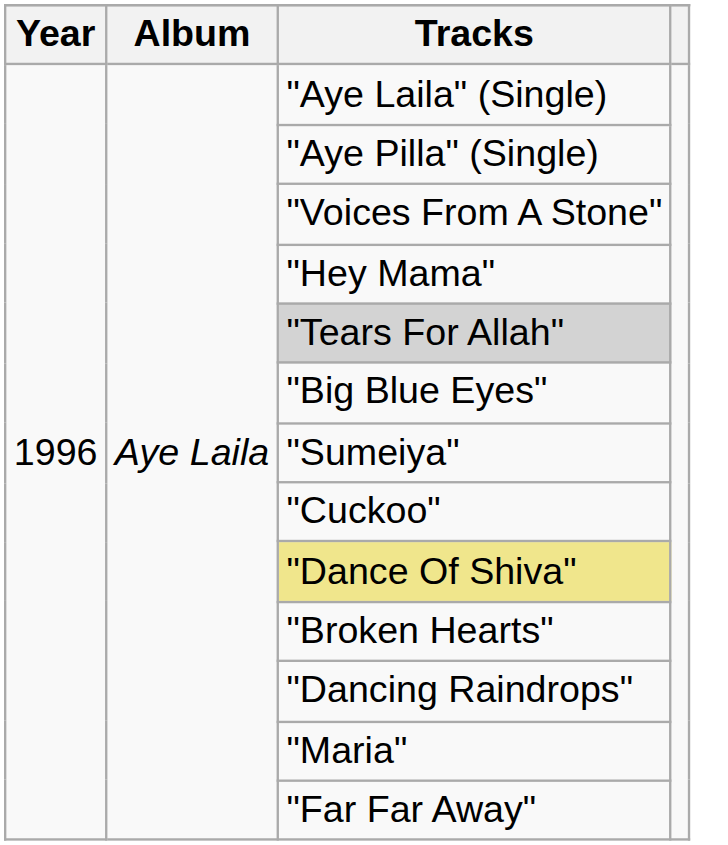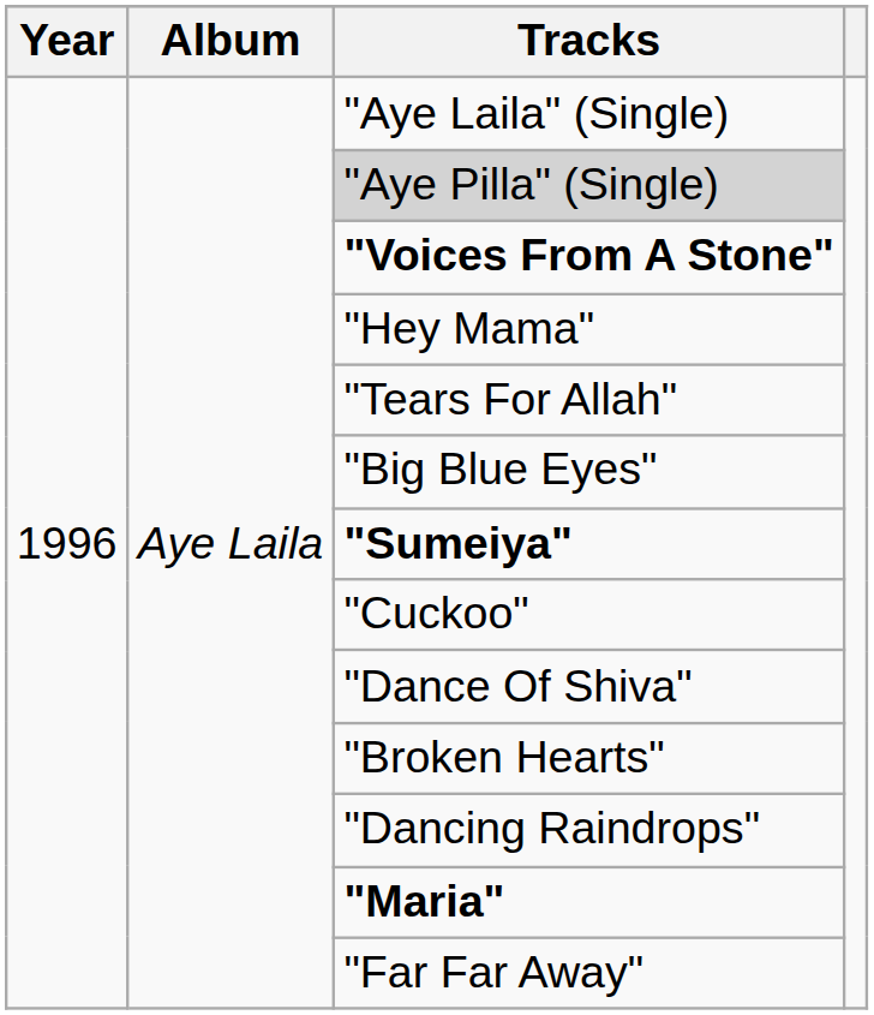 <table class="wikitable sortable">
 <tr style="background:#ccc; text-align:center;">
 </tr>
 <tr>
 <th>Year</th>
 <th>Album</th>
 <th>Tracks</th>
 <th class="unsortable"></th>
 </tr>
 <tr>
 <td rowspan="13">1996</td>
 <td rowspan="13"><em>Aye Laila</em></td>
 <td>"Aye Laila" (Single)</td>
 <td rowspan="13"></td>
 </tr>
 <tr>
-<td>"Aye Pilla" (Single)</td>
+<td style="background: lightgrey;">"Aye Pilla" (Single)</td>
 </tr>
 <tr>
-<td>"Voices From A Stone"</td>
+<td><strong>"Voices From A Stone"</strong></td>
 </tr>
 <tr>
 <td>"Hey Mama"</td>
 </tr>
 <tr>
-<td style="background: lightgrey;">"Tears For Allah"</td>
+<td>"Tears For Allah"</td>
 </tr>
 <tr>
 <td>"Big Blue Eyes"</td>
 </tr>
 <tr>
-<td>"Sumeiya"</td>
+<td><strong>"Sumeiya"</strong></td>
 </tr>
 <tr>
 <td>"Cuckoo"</td>
 </tr>
 <tr>
-<td style="background: khaki;">"Dance Of Shiva"</td>
+<td>"Dance Of Shiva"</td>
 </tr>
 <tr>
 <td>"Broken Hearts"</td>
 </tr>
 <tr>
 <td>"Dancing Raindrops"</td>
 </tr>
 <tr>
-<td>"Maria"</td>
+<td><strong>"Maria"</strong></td>
 </tr>
 <tr>
 <td>"Far Far Away"</td>
 </tr>
 </table>
